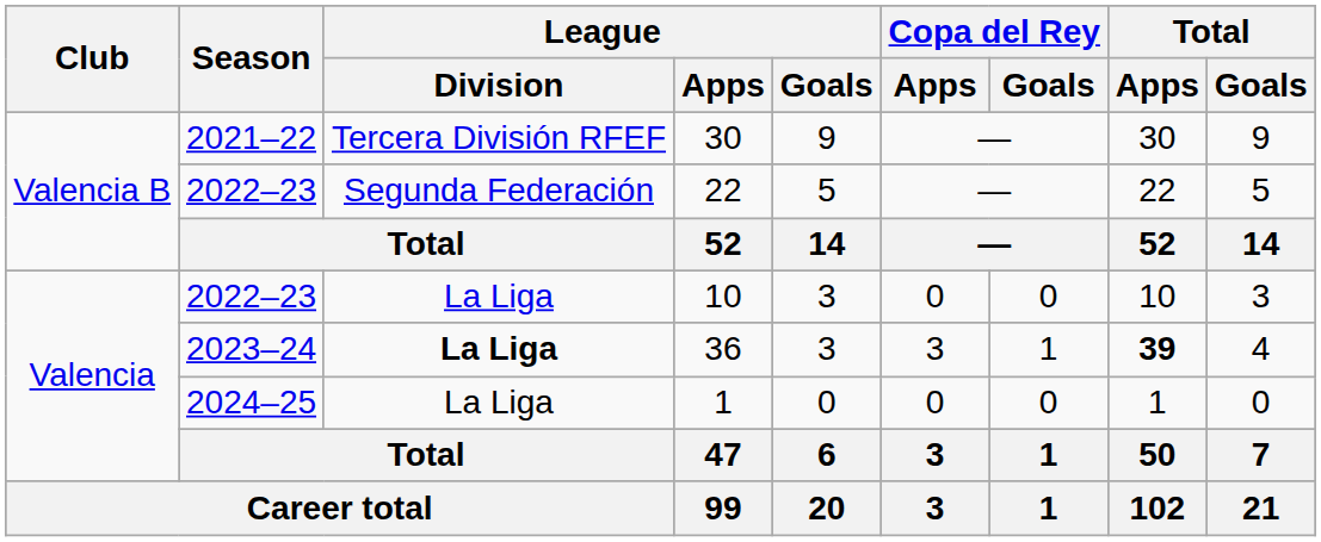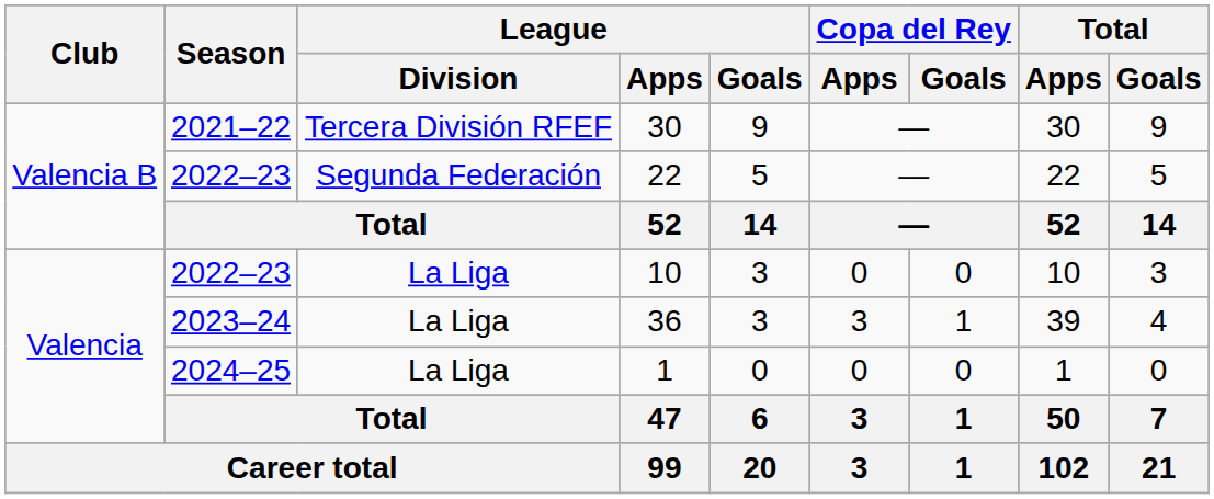 <table class=wikitable style=text-align:center>
 <tr>
 <th rowspan="2">Club</th>
 <th rowspan="2">Season</th>
 <th colspan="3">League</th>
 <th colspan="2"><a href='#'>Copa del Rey</a></th>
 <th colspan="2">Total</th>
 </tr>
 <tr>
 <th>Division</th>
 <th>Apps</th>
 <th>Goals</th>
 <th>Apps</th>
 <th>Goals</th>
 <th>Apps</th>
 <th>Goals</th>
 </tr>
 <tr>
 <td rowspan="3"><a href='#'>Valencia B</a></td>
 <td><a href='#'>2021–22</a></td>
 <td><a href='#'>Tercera División RFEF</a></td>
 <td>30</td>
 <td>9</td>
 <td colspan="2">—</td>
 <td>30</td>
 <td>9</td>
 </tr>
 <tr>
 <td><a href='#'>2022–23</a></td>
 <td><a href='#'>Segunda Federación</a></td>
 <td>22</td>
 <td>5</td>
 <td colspan="2">—</td>
 <td>22</td>
 <td>5</td>
 </tr>
 <tr>
 <th colspan="2">Total</th>
 <th>52</th>
 <th>14</th>
 <th colspan="2">—</th>
 <th>52</th>
 <th>14</th>
 </tr>
 <tr>
 <td rowspan="4"><a href='#'>Valencia</a></td>
 <td><a href='#'>2022–23</a></td>
 <td><a href='#'>La Liga</a></td>
 <td>10</td>
 <td>3</td>
 <td>0</td>
 <td>0</td>
 <td>10</td>
 <td>3</td>
 </tr>
 <tr>
 <td><a href='#'>2023–24</a></td>
-<td><strong>La Liga</strong></td>
+<td>La Liga</td>
 <td>36</td>
 <td>3</td>
 <td>3</td>
 <td>1</td>
-<td><strong>39</strong></td>
+<td>39</td>
 <td>4</td>
 </tr>
 <tr>
 <td><a href='#'>2024–25</a></td>
 <td>La Liga</td>
 <td>1</td>
 <td>0</td>
 <td>0</td>
 <td>0</td>
 <td>1</td>
 <td>0</td>
 </tr>
 <tr>
 <th colspan="2">Total</th>
 <th>47</th>
 <th>6</th>
 <th>3</th>
 <th>1</th>
 <th>50</th>
 <th>7</th>
 </tr>
 <tr>
 <th colspan="3">Career total</th>
 <th>99</th>
 <th>20</th>
 <th>3</th>
 <th>1</th>
 <th>102</th>
 <th>21</th>
 </tr>
 </table>
